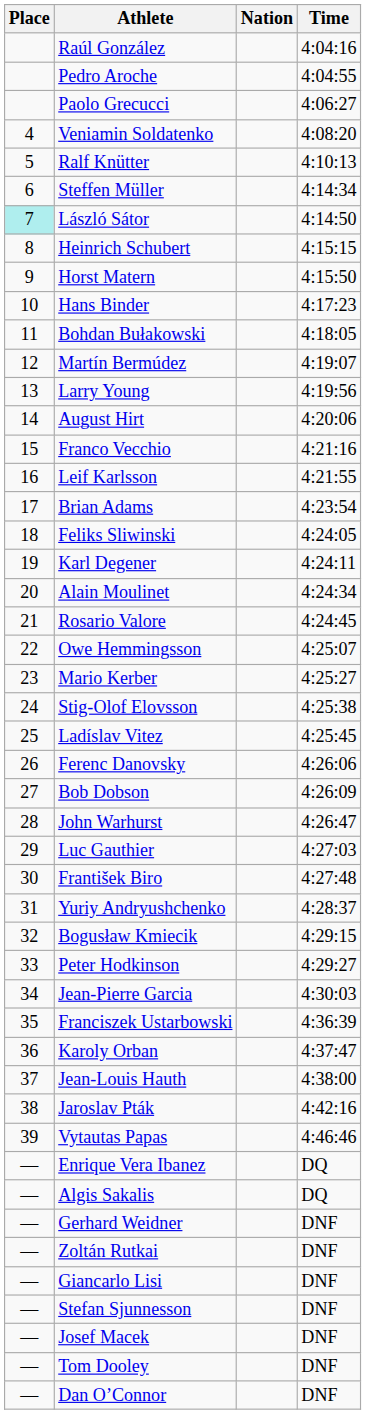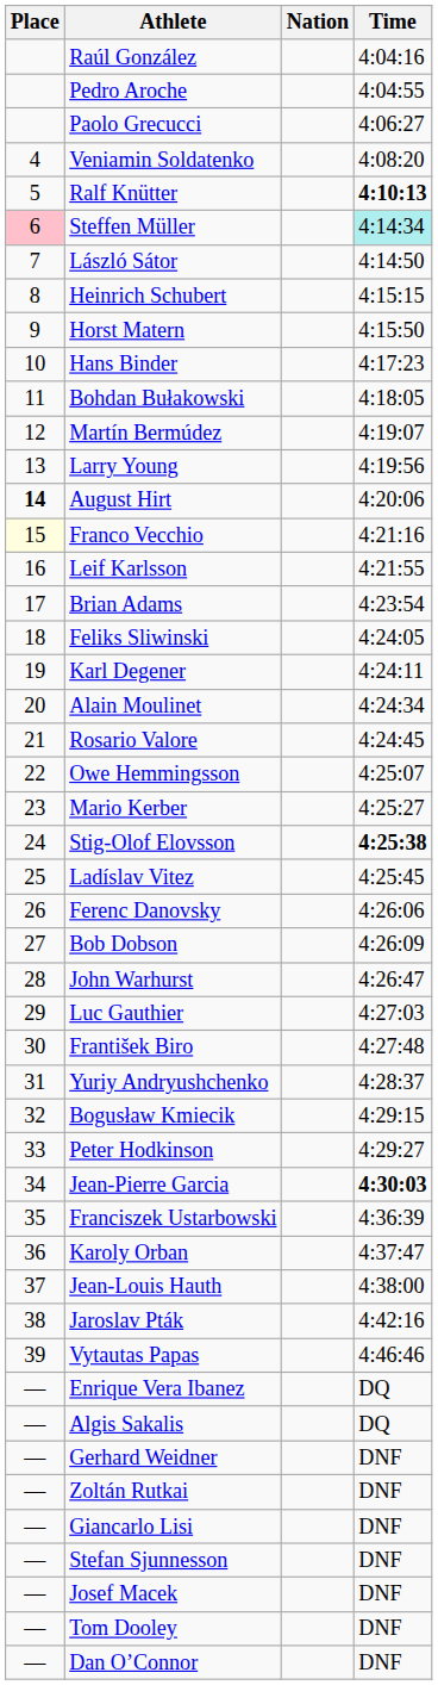 <table class=wikitable>
 <tr>
 <th>Place</th>
 <th>Athlete</th>
 <th>Nation</th>
 <th>Time</th>
 </tr>
 <tr>
 <td align=center></td>
 <td><a href='#'>Raúl González</a></td>
 <td></td>
 <td>4:04:16</td>
 </tr>
 <tr>
 <td align=center></td>
 <td><a href='#'>Pedro Aroche</a></td>
 <td></td>
 <td>4:04:55</td>
 </tr>
 <tr>
 <td align=center></td>
 <td><a href='#'>Paolo Grecucci</a></td>
 <td></td>
 <td>4:06:27</td>
 </tr>
 <tr>
 <td align=center>4</td>
 <td><a href='#'>Veniamin Soldatenko</a></td>
 <td></td>
 <td>4:08:20</td>
 </tr>
 <tr>
 <td align=center>5</td>
 <td><a href='#'>Ralf Knütter</a></td>
 <td></td>
-<td>4:10:13</td>
+<td><strong>4:10:13</strong></td>
 </tr>
 <tr>
-<td align=center>6</td>
+<td align=center style="background: pink;">6</td>
 <td><a href='#'>Steffen Müller</a></td>
 <td></td>
-<td>4:14:34</td>
+<td style="background: paleturquoise;">4:14:34</td>
 </tr>
 <tr>
-<td align=center style="background: paleturquoise;">7</td>
+<td align=center>7</td>
 <td><a href='#'>László Sátor</a></td>
 <td></td>
 <td>4:14:50</td>
 </tr>
 <tr>
 <td align=center>8</td>
 <td><a href='#'>Heinrich Schubert</a></td>
 <td></td>
 <td>4:15:15</td>
 </tr>
 <tr>
 <td align=center>9</td>
 <td><a href='#'>Horst Matern</a></td>
 <td></td>
 <td>4:15:50</td>
 </tr>
 <tr>
 <td align=center>10</td>
 <td><a href='#'>Hans Binder</a></td>
 <td></td>
 <td>4:17:23</td>
 </tr>
 <tr>
 <td align=center>11</td>
 <td><a href='#'>Bohdan Bułakowski</a></td>
 <td></td>
 <td>4:18:05</td>
 </tr>
 <tr>
 <td align=center>12</td>
 <td><a href='#'>Martín Bermúdez</a></td>
 <td></td>
 <td>4:19:07</td>
 </tr>
 <tr>
 <td align=center>13</td>
 <td><a href='#'>Larry Young</a></td>
 <td></td>
 <td>4:19:56</td>
 </tr>
 <tr>
-<td align=center>14</td>
+<td align=center><strong>14</strong></td>
 <td><a href='#'>August Hirt</a></td>
 <td></td>
 <td>4:20:06</td>
 </tr>
 <tr>
-<td align=center>15</td>
+<td align=center style="background: lightyellow;">15</td>
 <td><a href='#'>Franco Vecchio</a></td>
 <td></td>
 <td>4:21:16</td>
 </tr>
 <tr>
 <td align=center>16</td>
 <td><a href='#'>Leif Karlsson</a></td>
 <td></td>
 <td>4:21:55</td>
 </tr>
 <tr>
 <td align=center>17</td>
 <td><a href='#'>Brian Adams</a></td>
 <td></td>
 <td>4:23:54</td>
 </tr>
 <tr>
 <td align=center>18</td>
 <td><a href='#'>Feliks Sliwinski</a></td>
 <td></td>
 <td>4:24:05</td>
 </tr>
 <tr>
 <td align=center>19</td>
 <td><a href='#'>Karl Degener</a></td>
 <td></td>
 <td>4:24:11</td>
 </tr>
 <tr>
 <td align=center>20</td>
 <td><a href='#'>Alain Moulinet</a></td>
 <td></td>
 <td>4:24:34</td>
 </tr>
 <tr>
 <td align=center>21</td>
 <td><a href='#'>Rosario Valore</a></td>
 <td></td>
 <td>4:24:45</td>
 </tr>
 <tr>
 <td align=center>22</td>
 <td><a href='#'>Owe Hemmingsson</a></td>
 <td></td>
 <td>4:25:07</td>
 </tr>
 <tr>
 <td align=center>23</td>
 <td><a href='#'>Mario Kerber</a></td>
 <td></td>
 <td>4:25:27</td>
 </tr>
 <tr>
 <td align=center>24</td>
 <td><a href='#'>Stig-Olof Elovsson</a></td>
 <td></td>
-<td>4:25:38</td>
+<td><strong>4:25:38</strong></td>
 </tr>
 <tr>
 <td align=center>25</td>
 <td><a href='#'>Ladíslav Vitez</a></td>
 <td></td>
 <td>4:25:45</td>
 </tr>
 <tr>
 <td align=center>26</td>
 <td><a href='#'>Ferenc Danovsky</a></td>
 <td></td>
 <td>4:26:06</td>
 </tr>
 <tr>
 <td align=center>27</td>
 <td><a href='#'>Bob Dobson</a></td>
 <td></td>
 <td>4:26:09</td>
 </tr>
 <tr>
 <td align=center>28</td>
 <td><a href='#'>John Warhurst</a></td>
 <td></td>
 <td>4:26:47</td>
 </tr>
 <tr>
 <td align=center>29</td>
 <td><a href='#'>Luc Gauthier</a></td>
 <td></td>
 <td>4:27:03</td>
 </tr>
 <tr>
 <td align=center>30</td>
 <td><a href='#'>František Biro</a></td>
 <td></td>
 <td>4:27:48</td>
 </tr>
 <tr>
 <td align=center>31</td>
 <td><a href='#'>Yuriy Andryushchenko</a></td>
 <td></td>
 <td>4:28:37</td>
 </tr>
 <tr>
 <td align=center>32</td>
 <td><a href='#'>Bogusław Kmiecik</a></td>
 <td></td>
 <td>4:29:15</td>
 </tr>
 <tr>
 <td align=center>33</td>
 <td><a href='#'>Peter Hodkinson</a></td>
 <td></td>
 <td>4:29:27</td>
 </tr>
 <tr>
 <td align=center>34</td>
 <td><a href='#'>Jean-Pierre Garcia</a></td>
 <td></td>
-<td>4:30:03</td>
+<td><strong>4:30:03</strong></td>
 </tr>
 <tr>
 <td align=center>35</td>
 <td><a href='#'>Franciszek Ustarbowski</a></td>
 <td></td>
 <td>4:36:39</td>
 </tr>
 <tr>
 <td align=center>36</td>
 <td><a href='#'>Karoly Orban</a></td>
 <td></td>
 <td>4:37:47</td>
 </tr>
 <tr>
 <td align=center>37</td>
 <td><a href='#'>Jean-Louis Hauth</a></td>
 <td></td>
 <td>4:38:00</td>
 </tr>
 <tr>
 <td align=center>38</td>
 <td><a href='#'>Jaroslav Pták</a></td>
 <td></td>
 <td>4:42:16</td>
 </tr>
 <tr>
 <td align=center>39</td>
 <td><a href='#'>Vytautas Papas</a></td>
 <td></td>
 <td>4:46:46</td>
 </tr>
 <tr>
 <td align=center>—</td>
 <td><a href='#'>Enrique Vera Ibanez</a></td>
 <td></td>
 <td>DQ</td>
 </tr>
 <tr>
 <td align=center>—</td>
 <td><a href='#'>Algis Sakalis</a></td>
 <td></td>
 <td>DQ</td>
 </tr>
 <tr>
 <td align=center>—</td>
 <td><a href='#'>Gerhard Weidner</a></td>
 <td></td>
 <td>DNF</td>
 </tr>
 <tr>
 <td align=center>—</td>
 <td><a href='#'>Zoltán Rutkai</a></td>
 <td></td>
 <td>DNF</td>
 </tr>
 <tr>
 <td align=center>—</td>
 <td><a href='#'>Giancarlo Lisi</a></td>
 <td></td>
 <td>DNF</td>
 </tr>
 <tr>
 <td align=center>—</td>
 <td><a href='#'>Stefan Sjunnesson</a></td>
 <td></td>
 <td>DNF</td>
 </tr>
 <tr>
 <td align=center>—</td>
 <td><a href='#'>Josef Macek</a></td>
 <td></td>
 <td>DNF</td>
 </tr>
 <tr>
 <td align=center>—</td>
 <td><a href='#'>Tom Dooley</a></td>
 <td></td>
 <td>DNF</td>
 </tr>
 <tr>
 <td align=center>—</td>
 <td><a href='#'>Dan OʼConnor</a></td>
 <td></td>
 <td>DNF</td>
 </tr>
 </table>
